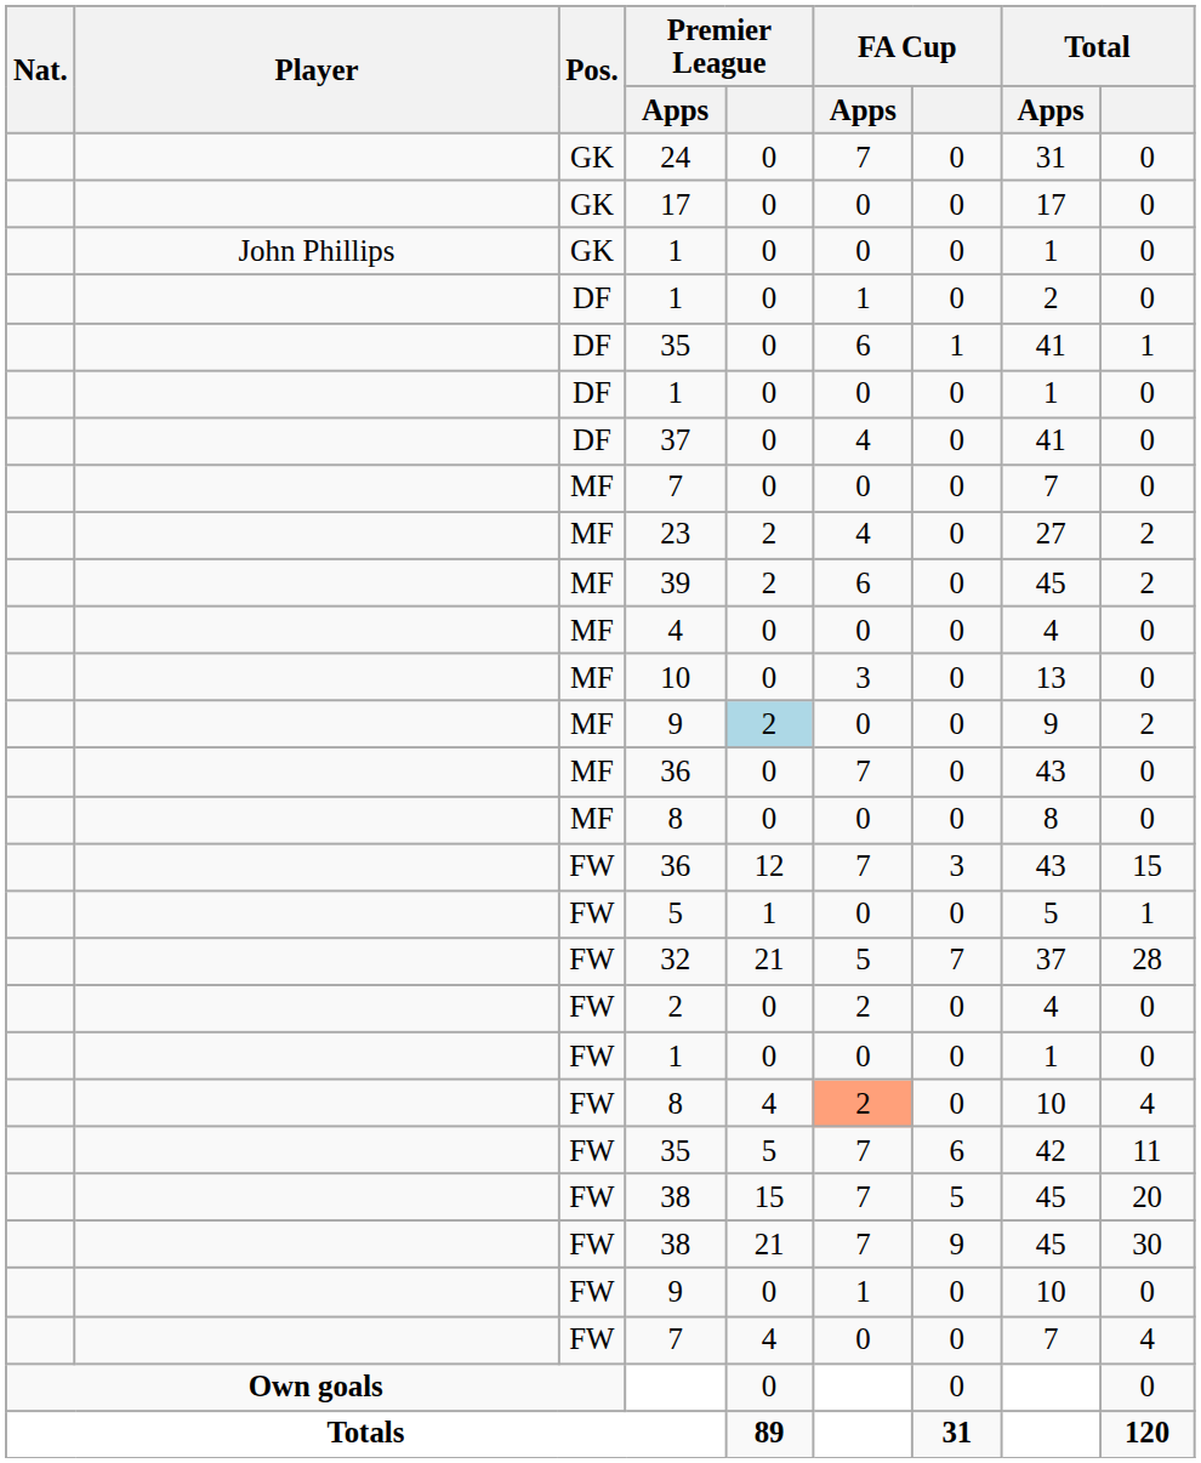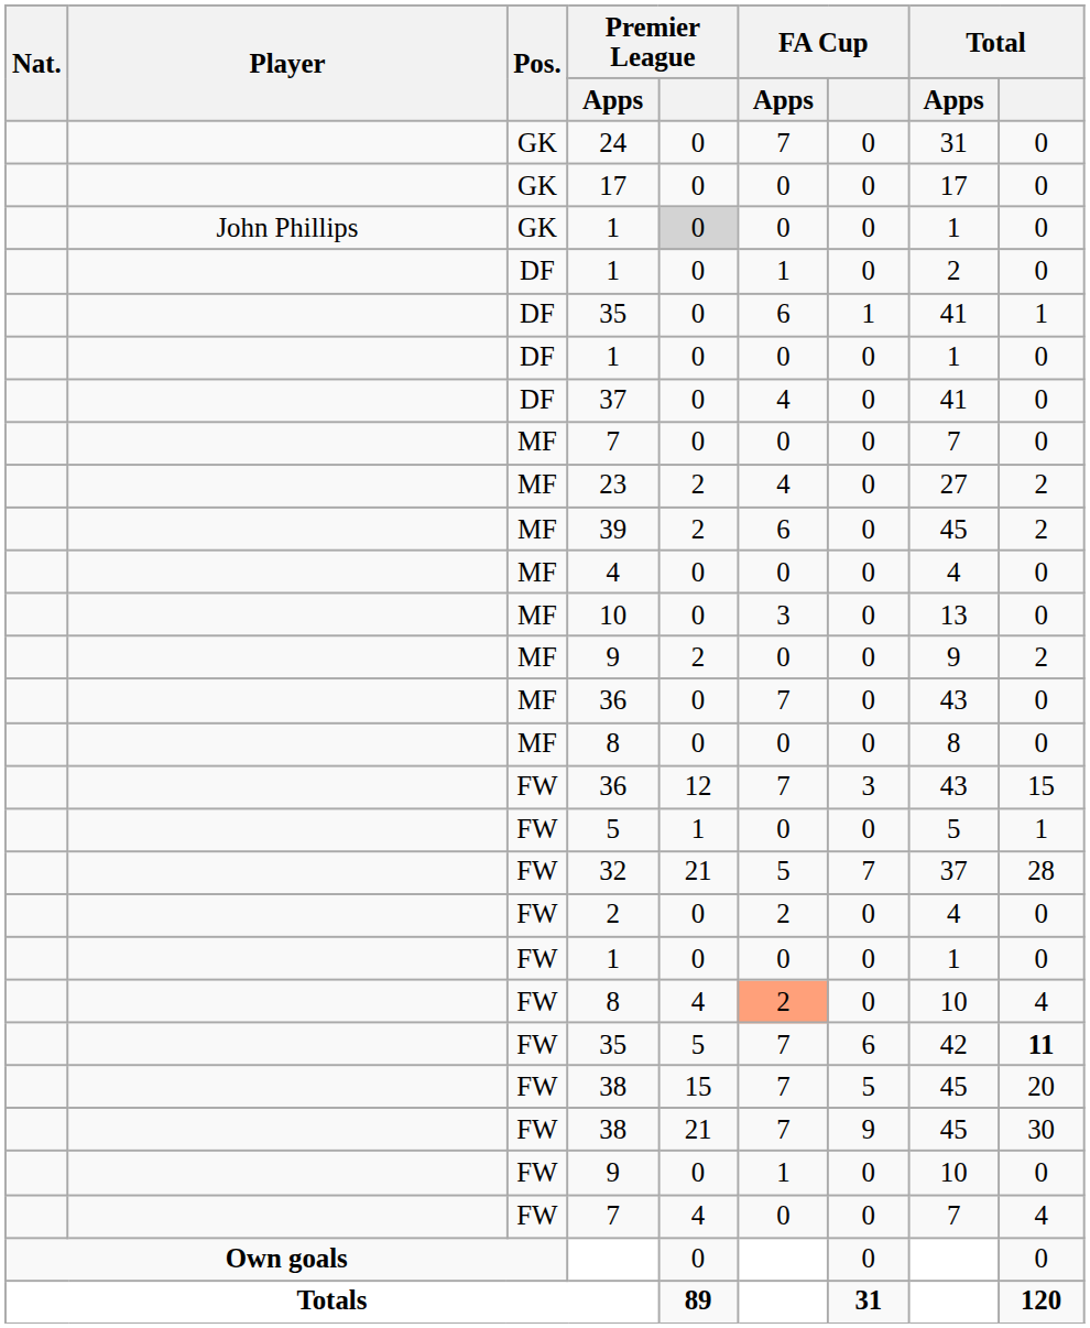 <table class="wikitable sortable alternance"  style="font-size:80%; text-align:center; line-height:14px; width:40%;">
 <tr>
 <th rowspan="2" style="width:10px;">Nat.</th>
 <th rowspan="2" scope="col" style="width:275px;">Player</th>
 <th rowspan="2" style="width:10px;">Pos.</th>
 <th colspan="2">Premier League</th>
 <th colspan="2">FA Cup</th>
 <th colspan="2">Total</th>
 </tr>
 <tr style="text-align:center;">
 <th width=40>Apps</th>
 <th width=40></th>
 <th width=40>Apps</th>
 <th width=40></th>
 <th width=40>Apps</th>
 <th width=40></th>
 </tr>
 <tr>
 <td></td>
 <td></td>
 <td>GK</td>
 <td>24</td>
 <td>0</td>
 <td>7</td>
 <td>0</td>
 <td>31</td>
 <td>0</td>
 </tr>
 <tr>
 <td></td>
 <td></td>
 <td>GK</td>
 <td>17</td>
 <td>0</td>
 <td>0</td>
 <td>0</td>
 <td>17</td>
 <td>0</td>
 </tr>
 <tr>
 <td></td>
 <td>John Phillips</td>
 <td>GK</td>
 <td>1</td>
-<td>0</td>
+<td style="background: lightgrey;">0</td>
 <td>0</td>
 <td>0</td>
 <td>1</td>
 <td>0</td>
 </tr>
 <tr>
 <td></td>
 <td></td>
 <td>DF</td>
 <td>1</td>
 <td>0</td>
 <td>1</td>
 <td>0</td>
 <td>2</td>
 <td>0</td>
 </tr>
 <tr>
 <td></td>
 <td></td>
 <td>DF</td>
 <td>35</td>
 <td>0</td>
 <td>6</td>
 <td>1</td>
 <td>41</td>
 <td>1</td>
 </tr>
 <tr>
 <td></td>
 <td></td>
 <td>DF</td>
 <td>1</td>
 <td>0</td>
 <td>0</td>
 <td>0</td>
 <td>1</td>
 <td>0</td>
 </tr>
 <tr>
 <td></td>
 <td></td>
 <td>DF</td>
 <td>37</td>
 <td>0</td>
 <td>4</td>
 <td>0</td>
 <td>41</td>
 <td>0</td>
 </tr>
 <tr>
 <td></td>
 <td></td>
 <td>MF</td>
 <td>7</td>
 <td>0</td>
 <td>0</td>
 <td>0</td>
 <td>7</td>
 <td>0</td>
 </tr>
 <tr>
 <td></td>
 <td></td>
 <td>MF</td>
 <td>23</td>
 <td>2</td>
 <td>4</td>
 <td>0</td>
 <td>27</td>
 <td>2</td>
 </tr>
 <tr>
 <td></td>
 <td></td>
 <td>MF</td>
 <td>39</td>
 <td>2</td>
 <td>6</td>
 <td>0</td>
 <td>45</td>
 <td>2</td>
 </tr>
 <tr>
 <td></td>
 <td></td>
 <td>MF</td>
 <td>4</td>
 <td>0</td>
 <td>0</td>
 <td>0</td>
 <td>4</td>
 <td>0</td>
 </tr>
 <tr>
 <td></td>
 <td></td>
 <td>MF</td>
 <td>10</td>
 <td>0</td>
 <td>3</td>
 <td>0</td>
 <td>13</td>
 <td>0</td>
 </tr>
 <tr>
 <td></td>
 <td></td>
 <td>MF</td>
 <td>9</td>
-<td style="background: lightblue;">2</td>
+<td>2</td>
 <td>0</td>
 <td>0</td>
 <td>9</td>
 <td>2</td>
 </tr>
 <tr>
 <td></td>
 <td></td>
 <td>MF</td>
 <td>36</td>
 <td>0</td>
 <td>7</td>
 <td>0</td>
 <td>43</td>
 <td>0</td>
 </tr>
 <tr>
 <td></td>
 <td></td>
 <td>MF</td>
 <td>8</td>
 <td>0</td>
 <td>0</td>
 <td>0</td>
 <td>8</td>
 <td>0</td>
 </tr>
 <tr>
 <td></td>
 <td></td>
 <td>FW</td>
 <td>36</td>
 <td>12</td>
 <td>7</td>
 <td>3</td>
 <td>43</td>
 <td>15</td>
 </tr>
 <tr>
 <td></td>
 <td></td>
 <td>FW</td>
 <td>5</td>
 <td>1</td>
 <td>0</td>
 <td>0</td>
 <td>5</td>
 <td>1</td>
 </tr>
 <tr>
 <td></td>
 <td></td>
 <td>FW</td>
 <td>32</td>
 <td>21</td>
 <td>5</td>
 <td>7</td>
 <td>37</td>
 <td>28</td>
 </tr>
 <tr>
 <td></td>
 <td></td>
 <td>FW</td>
 <td>2</td>
 <td>0</td>
 <td>2</td>
 <td>0</td>
 <td>4</td>
 <td>0</td>
 </tr>
 <tr>
 <td></td>
 <td></td>
 <td>FW</td>
 <td>1</td>
 <td>0</td>
 <td>0</td>
 <td>0</td>
 <td>1</td>
 <td>0</td>
 </tr>
 <tr>
 <td></td>
 <td></td>
 <td>FW</td>
 <td>8</td>
 <td>4</td>
 <td style="background: lightsalmon;">2</td>
 <td>0</td>
 <td>10</td>
 <td>4</td>
 </tr>
 <tr>
 <td></td>
 <td></td>
 <td>FW</td>
 <td>35</td>
 <td>5</td>
 <td>7</td>
 <td>6</td>
 <td>42</td>
-<td>11</td>
+<td><strong>11</strong></td>
 </tr>
 <tr>
 <td></td>
 <td></td>
 <td>FW</td>
 <td>38</td>
 <td>15</td>
 <td>7</td>
 <td>5</td>
 <td>45</td>
 <td>20</td>
 </tr>
 <tr>
 <td></td>
 <td></td>
 <td>FW</td>
 <td>38</td>
 <td>21</td>
 <td>7</td>
 <td>9</td>
 <td>45</td>
 <td>30</td>
 </tr>
 <tr>
 <td></td>
 <td></td>
 <td>FW</td>
 <td>9</td>
 <td>0</td>
 <td>1</td>
 <td>0</td>
 <td>10</td>
 <td>0</td>
 </tr>
 <tr>
 <td></td>
 <td></td>
 <td>FW</td>
 <td>7</td>
 <td>4</td>
 <td>0</td>
 <td>0</td>
 <td>7</td>
 <td>4</td>
 </tr>
 <tr class="sortbottom">
 <td colspan="3"><strong>Own goals</strong></td>
 <td ! style="background:white; text-align: center;"></td>
 <td>0</td>
 <td ! style="background:white; text-align: center;"></td>
 <td>0</td>
 <td ! style="background:white; text-align: center;"></td>
 <td>0</td>
 </tr>
 <tr class="sortbottom">
 <td colspan="4"  style="background:white; text-align: center;"><strong>Totals</strong></td>
 <td><strong>89</strong></td>
 <td ! rowspan="2" style="background:white; text-align: center;"></td>
 <td><strong>31</strong></td>
 <td ! rowspan="2" style="background:white; text-align: center;"></td>
 <td><strong>120</strong></td>
 </tr>
 </table>
